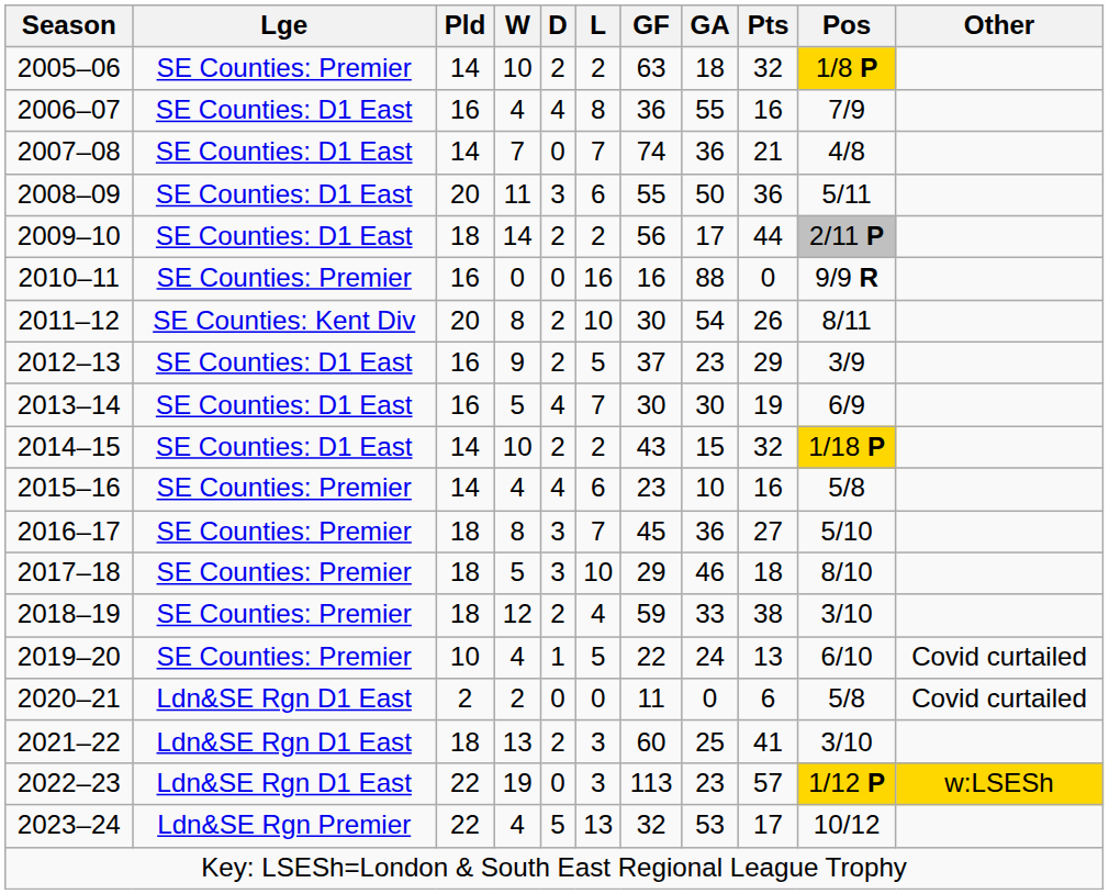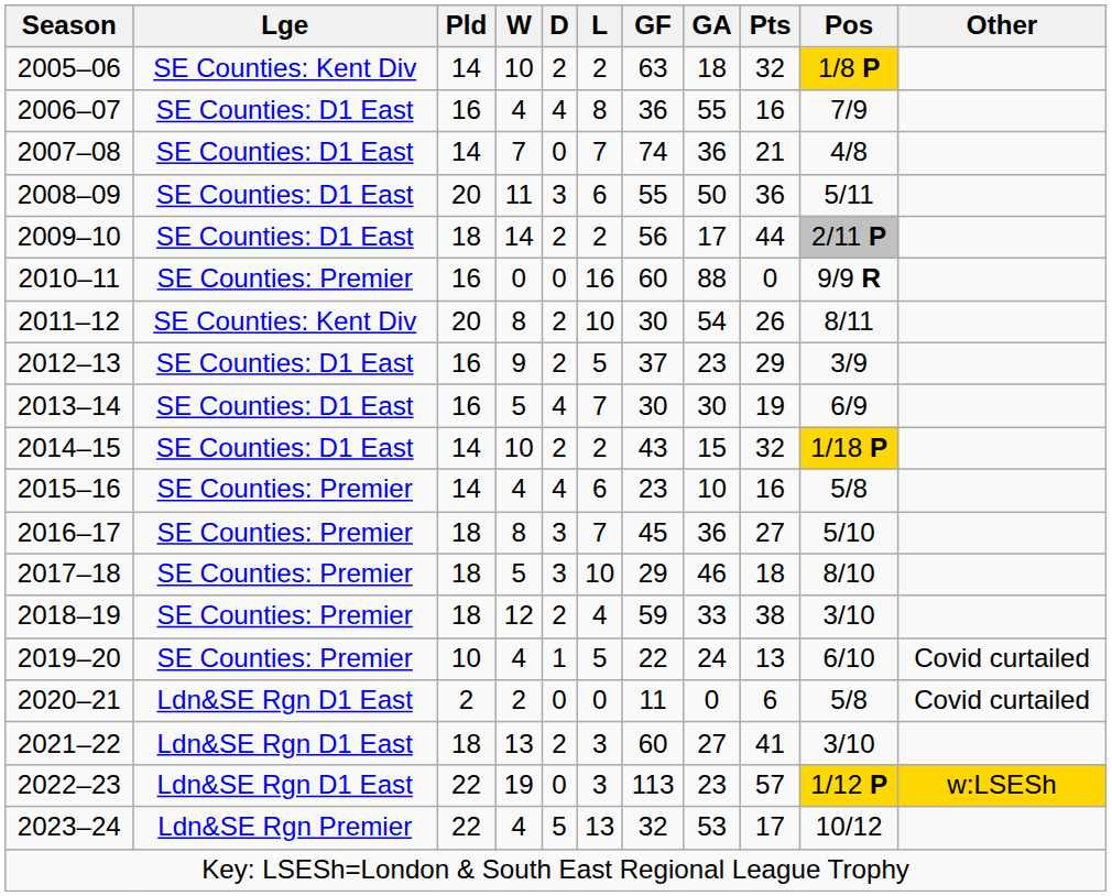 <table class="wikitable" style="width:75%; align:center; text-align:center">
 <tr>
 <th>Season</th>
 <th>Lge</th>
 <th>Pld</th>
 <th>W</th>
 <th>D</th>
 <th>L</th>
 <th>GF</th>
 <th>GA</th>
 <th>Pts</th>
 <th>Pos</th>
 <th>Other</th>
 </tr>
 <tr>
 <td>2005–06</td>
-<td><a href='#'>SE Counties: Premier</a></td>
+<td><a href='#'>SE Counties: Kent Div</a></td>
 <td>14</td>
 <td>10</td>
 <td>2</td>
 <td>2</td>
 <td>63</td>
 <td>18</td>
 <td>32</td>
 <td bgcolor=gold>1/8 <strong>P</strong></td>
 <td></td>
 </tr>
 <tr>
 <td>2006–07</td>
 <td><a href='#'>SE Counties: D1 East</a></td>
 <td>16</td>
 <td>4</td>
 <td>4</td>
 <td>8</td>
 <td>36</td>
 <td>55</td>
 <td>16</td>
 <td>7/9</td>
 <td></td>
 </tr>
 <tr>
 <td>2007–08</td>
 <td><a href='#'>SE Counties: D1 East</a></td>
 <td>14</td>
 <td>7</td>
 <td>0</td>
 <td>7</td>
 <td>74</td>
 <td>36</td>
 <td>21</td>
 <td>4/8</td>
 <td></td>
 </tr>
 <tr>
 <td>2008–09</td>
 <td><a href='#'>SE Counties: D1 East</a></td>
 <td>20</td>
 <td>11</td>
 <td>3</td>
 <td>6</td>
 <td>55</td>
 <td>50</td>
 <td>36</td>
 <td>5/11</td>
 <td></td>
 </tr>
 <tr>
 <td>2009–10</td>
 <td><a href='#'>SE Counties: D1 East</a></td>
 <td>18</td>
 <td>14</td>
 <td>2</td>
 <td>2</td>
 <td>56</td>
 <td>17</td>
 <td>44</td>
 <td bgcolor=silver>2/11 <strong>P</strong></td>
 <td></td>
 </tr>
 <tr>
 <td>2010–11</td>
 <td><a href='#'>SE Counties: Premier</a></td>
 <td>16</td>
 <td>0</td>
 <td>0</td>
 <td>16</td>
-<td>16</td>
+<td>60</td>
 <td>88</td>
 <td>0</td>
 <td>9/9  <strong>R</strong></td>
 <td></td>
 </tr>
 <tr>
 <td>2011–12</td>
 <td><a href='#'>SE Counties: Kent Div</a></td>
 <td>20</td>
 <td>8</td>
 <td>2</td>
 <td>10</td>
 <td>30</td>
 <td>54</td>
 <td>26</td>
 <td>8/11</td>
 <td></td>
 </tr>
 <tr>
 <td>2012–13</td>
 <td><a href='#'>SE Counties: D1 East</a></td>
 <td>16</td>
 <td>9</td>
 <td>2</td>
 <td>5</td>
 <td>37</td>
 <td>23</td>
 <td>29</td>
 <td>3/9</td>
 <td></td>
 </tr>
 <tr>
 <td>2013–14</td>
 <td><a href='#'>SE Counties: D1 East</a></td>
 <td>16</td>
 <td>5</td>
 <td>4</td>
 <td>7</td>
 <td>30</td>
 <td>30</td>
 <td>19</td>
 <td>6/9</td>
 <td></td>
 </tr>
 <tr>
 <td>2014–15</td>
 <td><a href='#'>SE Counties: D1 East</a></td>
 <td>14</td>
 <td>10</td>
 <td>2</td>
 <td>2</td>
 <td>43</td>
 <td>15</td>
 <td>32</td>
 <td bgcolor=gold>1/18 <strong>P</strong></td>
 <td></td>
 </tr>
 <tr>
 <td>2015–16</td>
 <td><a href='#'>SE Counties: Premier</a></td>
 <td>14</td>
 <td>4</td>
 <td>4</td>
 <td>6</td>
 <td>23</td>
 <td>10</td>
 <td>16</td>
 <td>5/8</td>
 <td></td>
 </tr>
 <tr>
 <td>2016–17</td>
 <td><a href='#'>SE Counties: Premier</a></td>
 <td>18</td>
 <td>8</td>
 <td>3</td>
 <td>7</td>
 <td>45</td>
 <td>36</td>
 <td>27</td>
 <td>5/10</td>
 <td></td>
 </tr>
 <tr>
 <td>2017–18</td>
 <td><a href='#'>SE Counties: Premier</a></td>
 <td>18</td>
 <td>5</td>
 <td>3</td>
 <td>10</td>
 <td>29</td>
 <td>46</td>
 <td>18</td>
 <td>8/10</td>
 <td></td>
 </tr>
 <tr>
 <td>2018–19</td>
 <td><a href='#'>SE Counties: Premier</a></td>
 <td>18</td>
 <td>12</td>
 <td>2</td>
 <td>4</td>
 <td>59</td>
 <td>33</td>
 <td>38</td>
 <td>3/10</td>
 <td></td>
 </tr>
 <tr>
 <td>2019–20</td>
 <td><a href='#'>SE Counties: Premier</a></td>
 <td>10</td>
 <td>4</td>
 <td>1</td>
 <td>5</td>
 <td>22</td>
 <td>24</td>
 <td>13</td>
 <td>6/10</td>
 <td>Covid curtailed</td>
 </tr>
 <tr>
 <td>2020–21</td>
 <td><a href='#'>Ldn&SE Rgn D1 East</a></td>
 <td>2</td>
 <td>2</td>
 <td>0</td>
 <td>0</td>
 <td>11</td>
 <td>0</td>
 <td>6</td>
 <td>5/8</td>
 <td>Covid curtailed</td>
 </tr>
 <tr>
 <td>2021–22</td>
 <td><a href='#'>Ldn&SE Rgn D1 East</a></td>
 <td>18</td>
 <td>13</td>
 <td>2</td>
 <td>3</td>
 <td>60</td>
-<td>25</td>
+<td>27</td>
 <td>41</td>
 <td>3/10</td>
 <td></td>
 </tr>
 <tr>
 <td>2022–23</td>
 <td><a href='#'>Ldn&SE Rgn D1 East</a></td>
 <td>22</td>
 <td>19</td>
 <td>0</td>
 <td>3</td>
 <td>113</td>
 <td>23</td>
 <td>57</td>
 <td bgcolor=gold>1/12 <strong>P</strong></td>
 <td bgcolor=gold>w:LSESh</td>
 </tr>
 <tr>
 <td>2023–24</td>
 <td><a href='#'>Ldn&SE Rgn Premier</a></td>
 <td>22</td>
 <td>4</td>
 <td>5</td>
 <td>13</td>
 <td>32</td>
 <td>53</td>
 <td>17</td>
 <td>10/12</td>
 <td></td>
 </tr>
 <tr>
 <td colspan="11">Key: LSESh=London & South East Regional League Trophy</td>
 </tr>
 </table>
